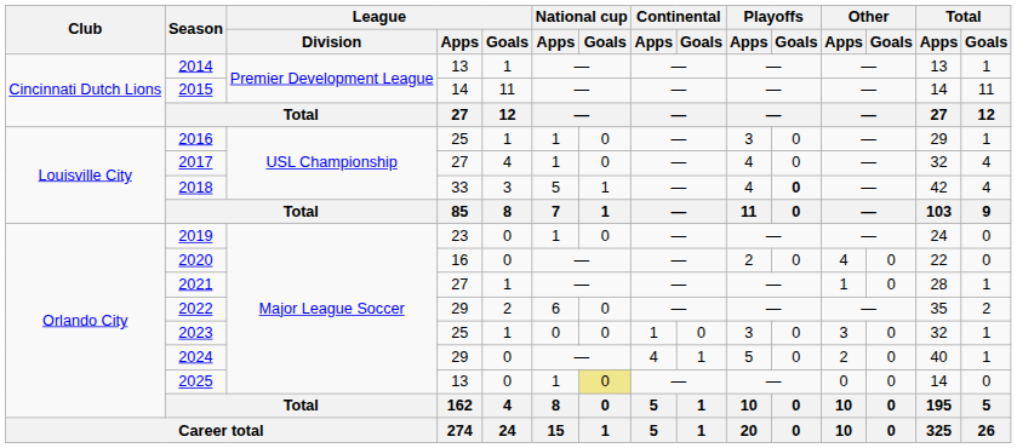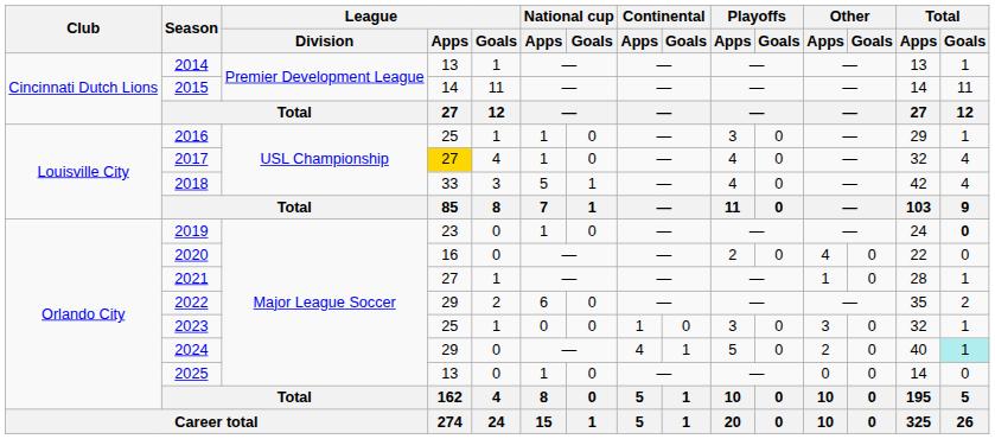 <table class="wikitable" style="text-align: center;">
 <tr>
 <th rowspan="2">Club</th>
 <th rowspan="2">Season</th>
 <th colspan="3">League</th>
 <th colspan="2">National cup</th>
 <th colspan="2">Continental</th>
 <th colspan="2">Playoffs</th>
 <th colspan="2">Other</th>
 <th colspan="2">Total</th>
 </tr>
 <tr>
 <th>Division</th>
 <th>Apps</th>
 <th>Goals</th>
 <th>Apps</th>
 <th>Goals</th>
 <th>Apps</th>
 <th>Goals</th>
 <th>Apps</th>
 <th>Goals</th>
 <th>Apps</th>
 <th>Goals</th>
 <th>Apps</th>
 <th>Goals</th>
 </tr>
 <tr>
 <td rowspan="3"><a href='#'>Cincinnati Dutch Lions</a></td>
 <td><a href='#'>2014</a></td>
 <td rowspan="2"><a href='#'>Premier Development League</a></td>
 <td>13</td>
 <td>1</td>
 <td colspan="2">—</td>
 <td colspan="2">—</td>
 <td colspan="2">—</td>
 <td colspan="2">—</td>
 <td>13</td>
 <td>1</td>
 </tr>
 <tr>
 <td><a href='#'>2015</a></td>
 <td>14</td>
 <td>11</td>
 <td colspan="2">—</td>
 <td colspan="2">—</td>
 <td colspan="2">—</td>
 <td colspan="2">—</td>
 <td>14</td>
 <td>11</td>
 </tr>
 <tr>
 <th colspan="2">Total</th>
 <th>27</th>
 <th>12</th>
 <th colspan="2">—</th>
 <th colspan="2">—</th>
 <th colspan="2">—</th>
 <th colspan="2">—</th>
 <th>27</th>
 <th>12</th>
 </tr>
 <tr>
 <td rowspan="4"><a href='#'>Louisville City</a></td>
 <td><a href='#'>2016</a></td>
 <td rowspan="3"><a href='#'>USL Championship</a></td>
 <td>25</td>
 <td>1</td>
 <td>1</td>
 <td>0</td>
 <td colspan="2">—</td>
 <td>3</td>
 <td>0</td>
 <td colspan="2">—</td>
 <td>29</td>
 <td>1</td>
 </tr>
 <tr>
 <td><a href='#'>2017</a></td>
-<td>27</td>
+<td style="background: gold;">27</td>
 <td>4</td>
 <td>1</td>
 <td>0</td>
 <td colspan="2">—</td>
 <td>4</td>
 <td>0</td>
 <td colspan="2">—</td>
 <td>32</td>
 <td>4</td>
 </tr>
 <tr>
 <td><a href='#'>2018</a></td>
 <td>33</td>
 <td>3</td>
 <td>5</td>
 <td>1</td>
 <td colspan="2">—</td>
 <td>4</td>
-<td><strong>0</strong></td>
+<td>0</td>
 <td colspan="2">—</td>
 <td>42</td>
 <td>4</td>
 </tr>
 <tr>
 <th colspan="2">Total</th>
 <th>85</th>
 <th>8</th>
 <th>7</th>
 <th>1</th>
 <th colspan="2">—</th>
 <th>11</th>
 <th>0</th>
 <th colspan="2">—</th>
 <th>103</th>
 <th>9</th>
 </tr>
 <tr>
 <td rowspan="8"><a href='#'>Orlando City</a></td>
 <td><a href='#'>2019</a></td>
 <td rowspan="7"><a href='#'>Major League Soccer</a></td>
 <td>23</td>
 <td>0</td>
 <td>1</td>
 <td>0</td>
 <td colspan="2">—</td>
 <td colspan="2">—</td>
 <td colspan="2">—</td>
 <td>24</td>
-<td>0</td>
+<td><strong>0</strong></td>
 </tr>
 <tr>
 <td><a href='#'>2020</a></td>
 <td>16</td>
 <td>0</td>
 <td colspan="2">—</td>
 <td colspan="2">—</td>
 <td>2</td>
 <td>0</td>
 <td>4</td>
 <td>0</td>
 <td>22</td>
 <td>0</td>
 </tr>
 <tr>
 <td><a href='#'>2021</a></td>
 <td>27</td>
 <td>1</td>
 <td colspan="2">—</td>
 <td colspan="2">—</td>
 <td colspan="2">—</td>
 <td>1</td>
 <td>0</td>
 <td>28</td>
 <td>1</td>
 </tr>
 <tr>
 <td><a href='#'>2022</a></td>
 <td>29</td>
 <td>2</td>
 <td>6</td>
 <td>0</td>
 <td colspan="2">—</td>
 <td colspan="2">—</td>
 <td colspan="2">—</td>
 <td>35</td>
 <td>2</td>
 </tr>
 <tr>
 <td><a href='#'>2023</a></td>
 <td>25</td>
 <td>1</td>
 <td>0</td>
 <td>0</td>
 <td>1</td>
 <td>0</td>
 <td>3</td>
 <td>0</td>
 <td>3</td>
 <td>0</td>
 <td>32</td>
 <td>1</td>
 </tr>
 <tr>
 <td><a href='#'>2024</a></td>
 <td>29</td>
 <td>0</td>
 <td colspan="2">—</td>
 <td>4</td>
 <td>1</td>
 <td>5</td>
 <td>0</td>
 <td>2</td>
 <td>0</td>
 <td>40</td>
-<td>1</td>
+<td style="background: paleturquoise;">1</td>
 </tr>
 <tr>
 <td><a href='#'>2025</a></td>
 <td>13</td>
 <td>0</td>
 <td>1</td>
-<td style="background: khaki;">0</td>
+<td>0</td>
 <td colspan="2">—</td>
 <td colspan="2">—</td>
 <td>0</td>
 <td>0</td>
 <td>14</td>
 <td>0</td>
 </tr>
 <tr>
 <th colspan="2">Total</th>
 <th>162</th>
 <th>4</th>
 <th>8</th>
 <th>0</th>
 <th>5</th>
 <th>1</th>
 <th>10</th>
 <th>0</th>
 <th>10</th>
 <th>0</th>
 <th>195</th>
 <th>5</th>
 </tr>
 <tr>
 <th colspan="3">Career total</th>
 <th>274</th>
 <th>24</th>
 <th>15</th>
 <th>1</th>
 <th>5</th>
 <th>1</th>
 <th>20</th>
 <th>0</th>
 <th>10</th>
 <th>0</th>
 <th>325</th>
 <th>26</th>
 </tr>
 </table>
